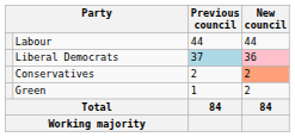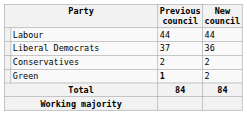 <table class="wikitable">
 <tr>
 <th valign=top colspan="2" style="width: 230px">Party</th>
 <th valign=top style="width: 30px">Previous council</th>
 <th valign=top style="width: 30px">New council</th>
 </tr>
 <tr>
 <th style="background-color: "></th>
 <td>Labour</td>
 <td>44</td>
 <td>44</td>
 </tr>
 <tr>
 <th style="background-color: "></th>
 <td>Liberal Democrats</td>
-<td style="background: lightblue;">37</td>
-<td style="background: pink;">36</td>
+<td>37</td>
+<td>36</td>
 </tr>
 <tr>
 <th style="background-color: "></th>
 <td>Conservatives</td>
 <td>2</td>
-<td style="background: lightsalmon;">2</td>
+<td>2</td>
 </tr>
 <tr>
 <th style="background-color: "></th>
 <td>Green</td>
-<td>1</td>
+<td><strong>1</strong></td>
 <td>2</td>
 </tr>
 <tr>
 <th colspan=2>Total</th>
 <th style="text-align: center">84</th>
 <th colspan=3>84</th>
 </tr>
 <tr>
 <th colspan=2>Working majority</th>
 <th></th>
 <th></th>
 </tr>
 </table>
